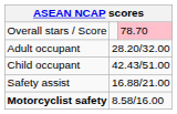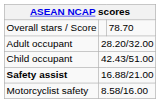 <table class="wikitable">
 <tr>
 <th colspan="3"><a href='#'>ASEAN NCAP</a> scores</th>
 </tr>
 <tr>
 <td>Overall stars / Score</td>
 <td></td>
-<td style="background: pink;">78.70</td>
+<td>78.70</td>
 </tr>
 <tr>
 <td>Adult occupant</td>
 <td colspan="2">28.20/32.00</td>
 </tr>
 <tr>
 <td>Child occupant</td>
 <td colspan="2">42.43/51.00</td>
 </tr>
 <tr>
-<td>Safety assist</td>
+<td><strong>Safety assist</strong></td>
 <td colspan="2">16.88/21.00</td>
 </tr>
 <tr>
-<td><strong>Motorcyclist safety</strong></td>
+<td>Motorcyclist safety</td>
 <td colspan="2">8.58/16.00</td>
 </tr>
 </table>
